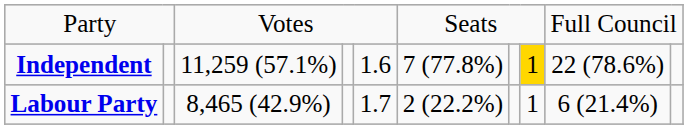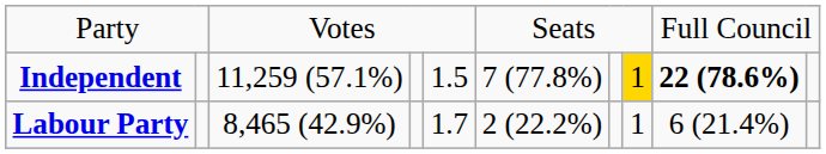 <table class=wikitable style="text-align:center;">
 <tr>
 <td colspan=2>Party</td>
 <td colspan=3>Votes</td>
 <td colspan=3>Seats</td>
 <td colspan=3>Full Council</td>
 </tr>
 <tr>
 <td><strong><a href='#'>Independent</a></strong></td>
 <td style="background:"></td>
 <td>11,259 (57.1%)</td>
 <td></td>
-<td> 1.6</td>
+<td> 1.5</td>
 <td>7 (77.8%)</td>
 <td></td>
 <td style="background: gold;"> 1</td>
-<td>22 (78.6%)</td>
+<td><strong>22 (78.6%)</strong></td>
 <td></td>
 </tr>
 <tr>
 <td><strong><a href='#'>Labour Party</a></strong></td>
 <td style="background:"></td>
 <td>8,465 (42.9%)</td>
 <td></td>
 <td> 1.7</td>
 <td>2 (22.2%)</td>
 <td></td>
 <td> 1</td>
 <td>6 (21.4%)</td>
 <td></td>
 </tr>
 </table>
